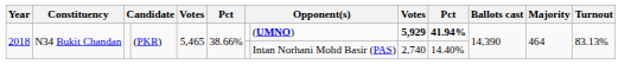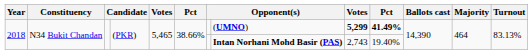 <table class="wikitable" style="margin:0.5em ; font-size:95%">
 <tr>
 <th>Year</th>
 <th>Constituency</th>
 <th colspan=2>Candidate</th>
 <th>Votes</th>
 <th>Pct</th>
 <th colspan=2>Opponent(s)</th>
 <th>Votes</th>
 <th>Pct</th>
 <th>Ballots cast</th>
 <th>Majority</th>
 <th>Turnout</th>
 </tr>
 <tr>
 <td rowspan="2"><a href='#'>2018</a></td>
 <td rowspan=2>N34 <a href='#'>Bukit Chandan</a></td>
 <td rowspan="2" ></td>
 <td rowspan="2"> (<a href='#'>PKR</a>)</td>
 <td rowspan="2" align="right">5,465</td>
 <td rowspan="2">38.66%</td>
 <td></td>
 <td> (<a href='#'><strong>UMNO</strong></a>)</td>
-<td align="right"><strong>5,929</strong></td>
-<td><strong>41.94%</strong></td>
+<td align="right"><strong>5,299</strong></td>
+<td><strong>41.49%</strong></td>
 <td rowspan="2">14,390</td>
 <td rowspan="2">464</td>
 <td rowspan="2">83.13%</td>
 </tr>
 <tr>
 <td></td>
-<td>Intan Norhani Mohd Basir (<a href='#'>PAS</a>)</td>
-<td align="right">2,740</td>
-<td>14.40%</td>
+<td><strong>Intan Norhani Mohd Basir (<a href='#'>PAS</a>)</strong></td>
+<td align="right">2,743</td>
+<td>19.40%</td>
 </tr>
 </table>
